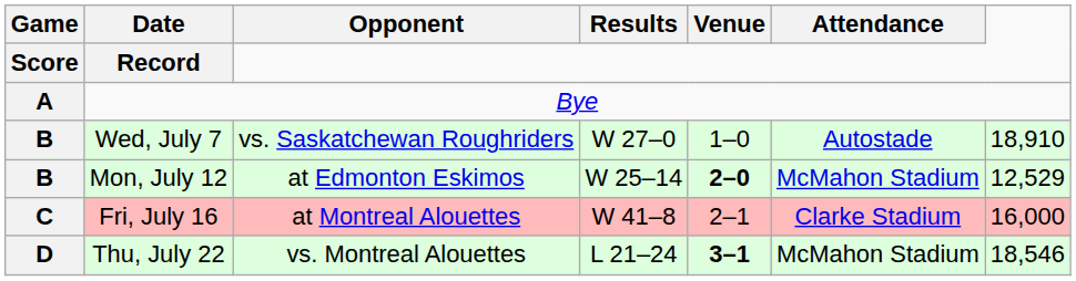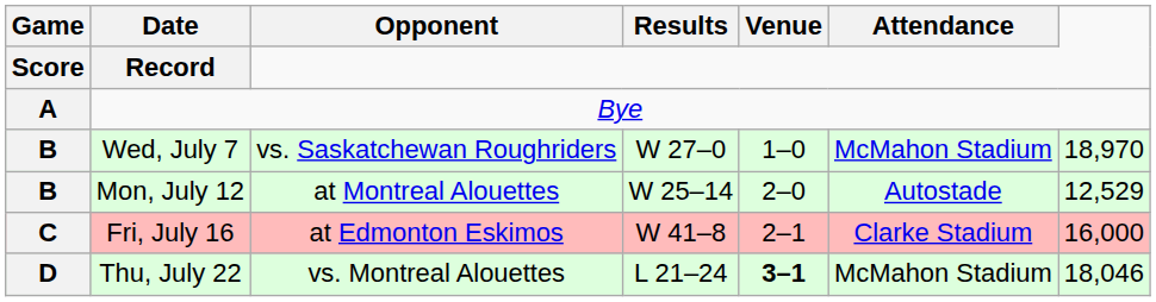 <table class="wikitable" style="text-align:center">
 <tr>
 <th>Game</th>
 <th>Date</th>
 <th>Opponent</th>
 <th>Results</th>
 <th>Venue</th>
 <th>Attendance</th>
 </tr>
 <tr>
 <th>Score</th>
 <th>Record</th>
 </tr>
 <tr>
 <th>A</th>
 <td colspan=7><em><a href='#'>Bye</a></em></td>
 </tr>
 <tr style="background:#ddffdd">
 <th>B</th>
 <td>Wed, July 7</td>
 <td>vs. <a href='#'>Saskatchewan Roughriders</a></td>
 <td>W 27–0</td>
 <td>1–0</td>
-<td><a href='#'>Autostade</a></td>
-<td>18,910</td>
+<td><a href='#'>McMahon Stadium</a></td>
+<td>18,970</td>
 </tr>
 <tr style="background:#ddffdd">
 <th>B</th>
 <td>Mon, July 12</td>
-<td>at <a href='#'>Edmonton Eskimos</a></td>
+<td>at <a href='#'>Montreal Alouettes</a></td>
 <td>W 25–14</td>
-<td><strong>2–0</strong></td>
-<td><a href='#'>McMahon Stadium</a></td>
+<td>2–0</td>
+<td><a href='#'>Autostade</a></td>
 <td>12,529</td>
 </tr>
 <tr style="background:#ffbbbb">
 <th>C</th>
 <td>Fri, July 16</td>
-<td>at <a href='#'>Montreal Alouettes</a></td>
+<td>at <a href='#'>Edmonton Eskimos</a></td>
 <td>W 41–8</td>
 <td>2–1</td>
 <td><a href='#'>Clarke Stadium</a></td>
 <td>16,000</td>
 </tr>
 <tr style="background:#ddffdd">
 <th>D</th>
 <td>Thu, July 22</td>
 <td>vs. Montreal Alouettes</td>
 <td>L 21–24</td>
 <td><strong>3–1</strong></td>
 <td>McMahon Stadium</td>
-<td>18,546</td>
+<td>18,046</td>
 </tr>
 </table>
